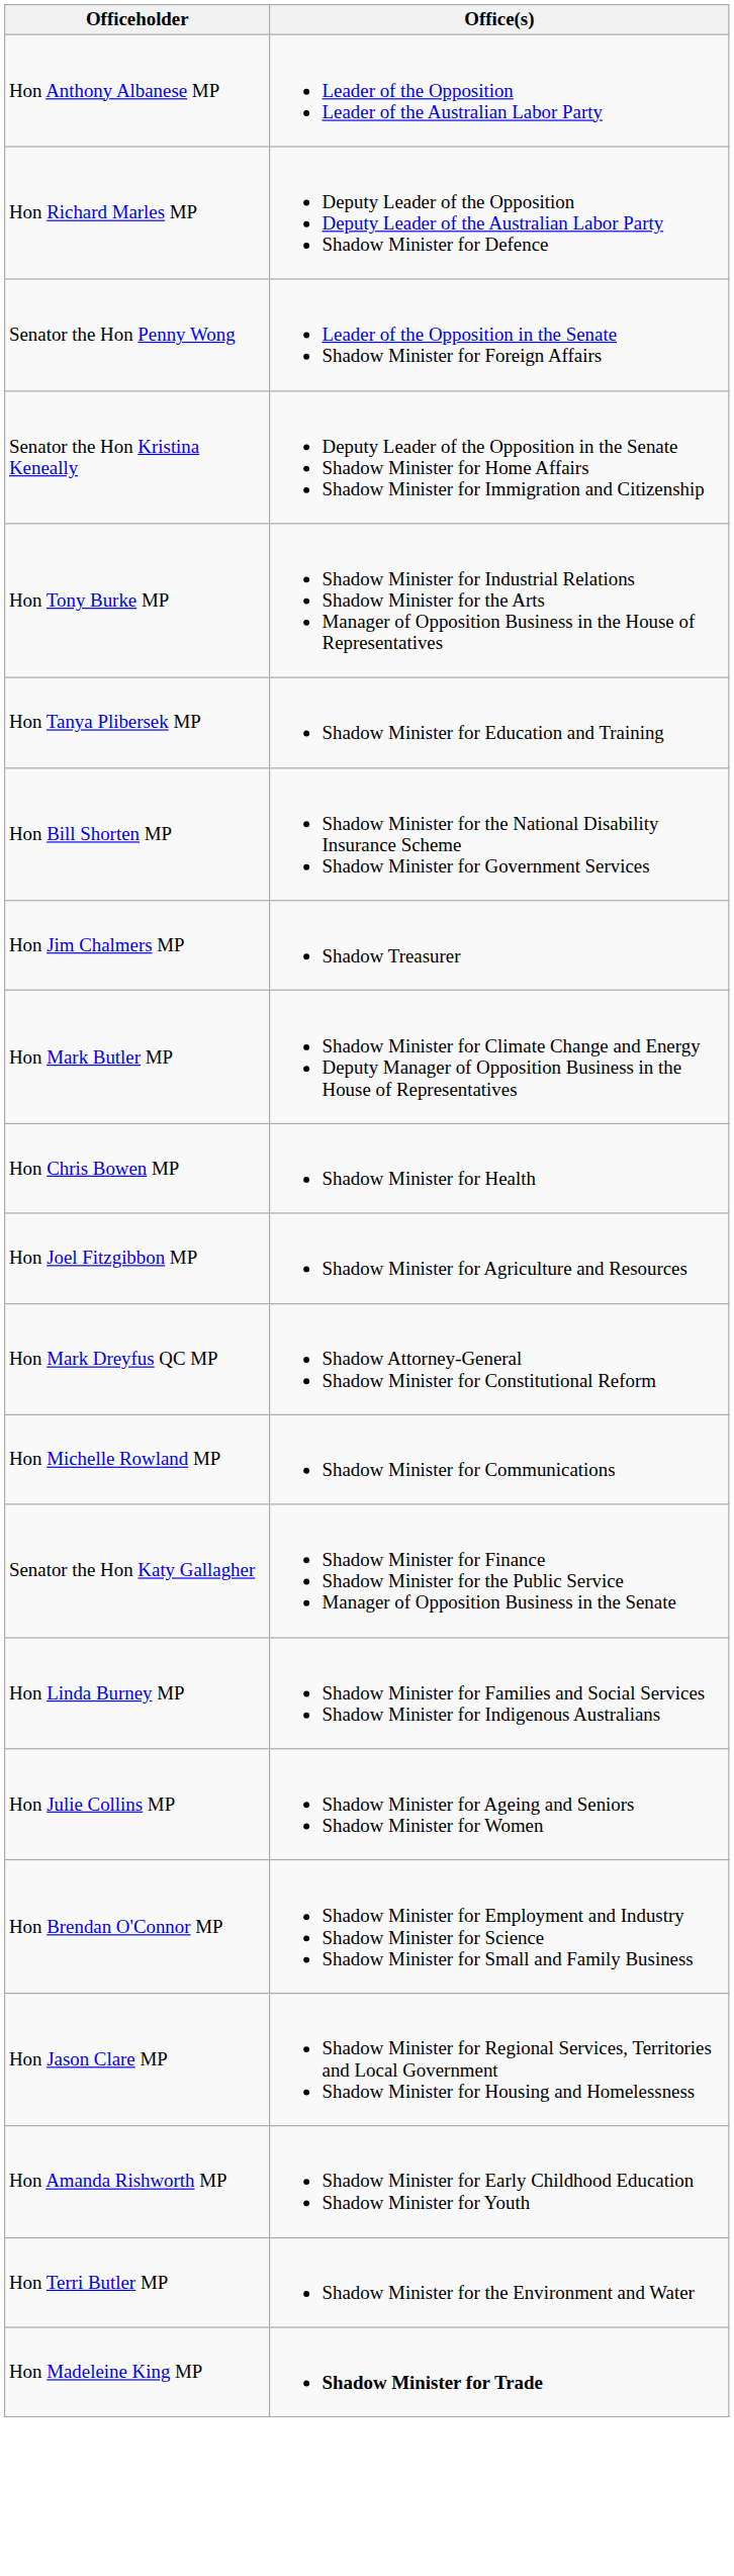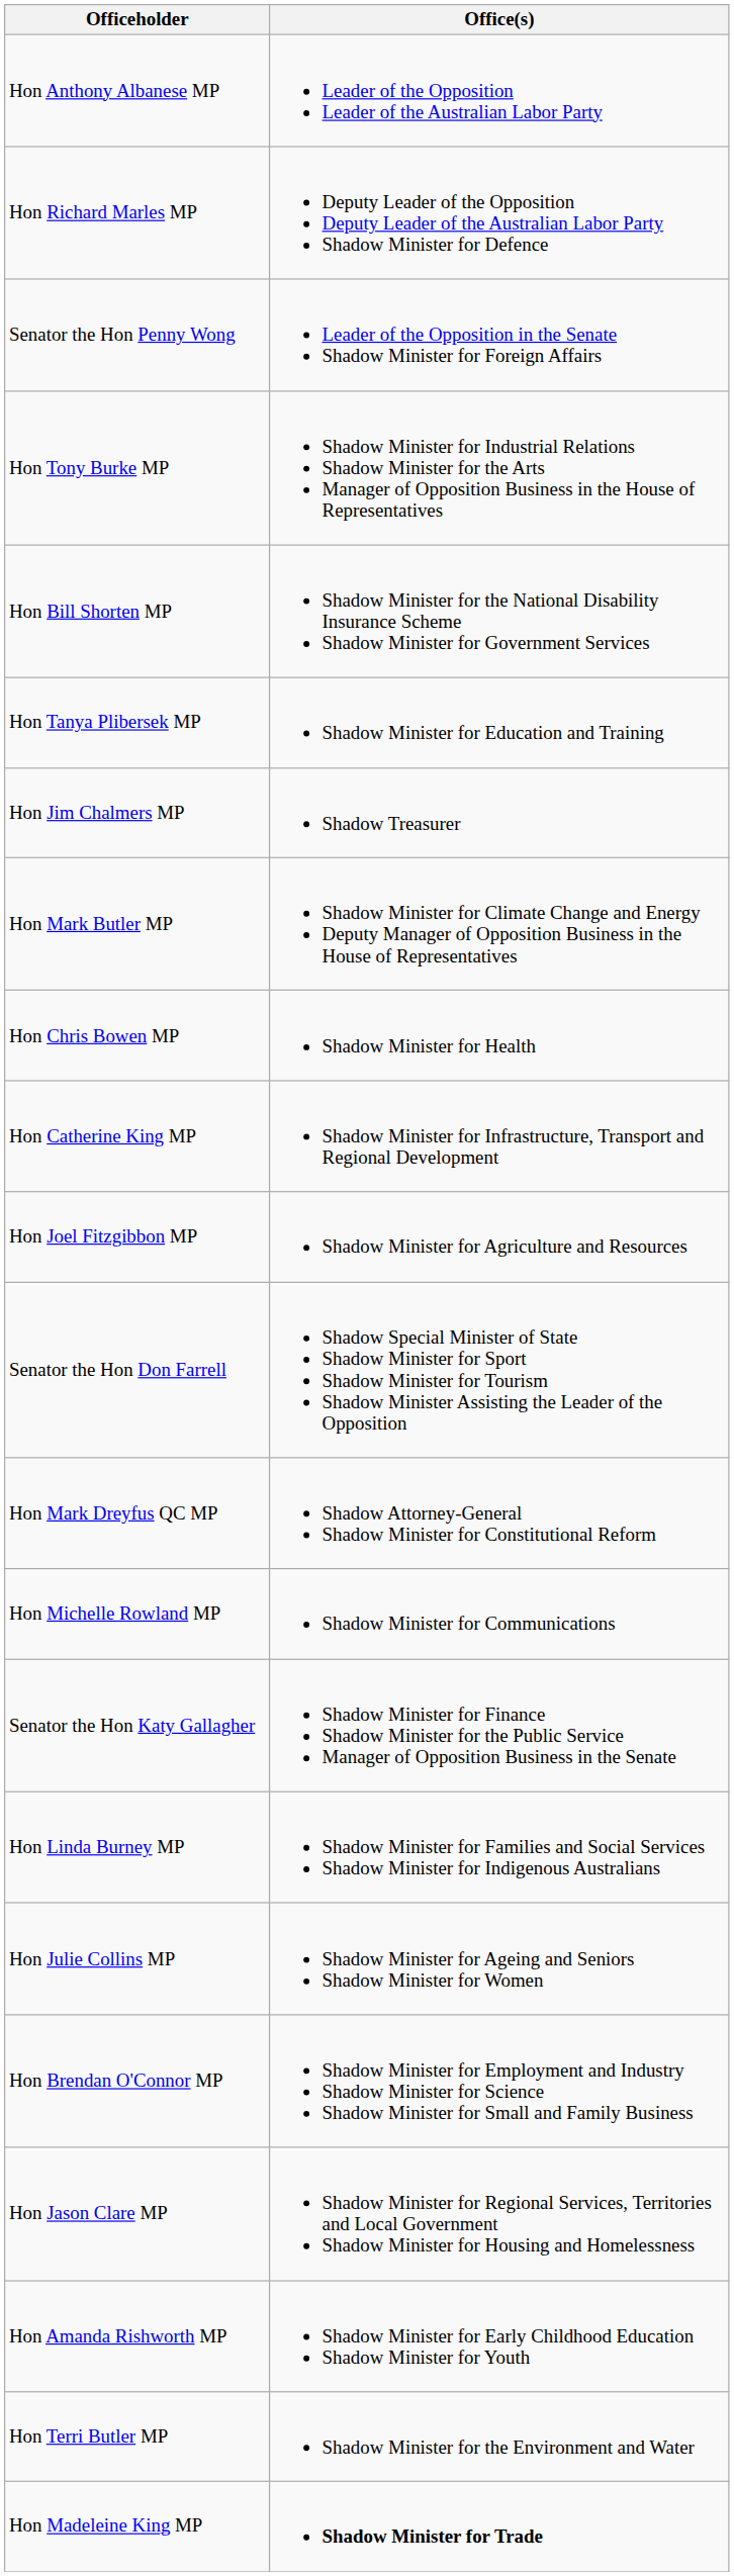 <table class="wikitable">
 <tr>
 <th style="width: 215px;">Officeholder</th>
 <th>Office(s)</th>
 </tr>
 <tr>
 <td>Hon <a href='#'>Anthony Albanese</a> MP</td>
 <td><br><ul><li><a href='#'>Leader of the Opposition</a></li><li><a href='#'>Leader of the Australian Labor Party</a></li></ul></td>
 </tr>
 <tr>
 <td>Hon <a href='#'>Richard Marles</a> MP</td>
 <td><br><ul><li>Deputy Leader of the Opposition</li><li><a href='#'>Deputy Leader of the Australian Labor Party</a></li><li>Shadow Minister for Defence</li></ul></td>
 </tr>
 <tr>
 <td>Senator the Hon <a href='#'>Penny Wong</a></td>
 <td><br><ul><li><a href='#'>Leader of the Opposition in the Senate</a></li><li>Shadow Minister for Foreign Affairs</li></ul></td>
 </tr>
 <tr>
-<td>Senator the Hon <a href='#'>Kristina Keneally</a></td>
-<td><br><ul><li>Deputy Leader of the Opposition in the Senate</li><li>Shadow Minister for Home Affairs</li><li>Shadow Minister for Immigration and Citizenship</li></ul></td>
-</tr>
-<tr>
 <td>Hon <a href='#'>Tony Burke</a> MP</td>
 <td><br><ul><li>Shadow Minister for Industrial Relations</li><li>Shadow Minister for the Arts</li><li>Manager of Opposition Business in the House of Representatives</li></ul></td>
 </tr>
 <tr>
+<td>Hon <a href='#'>Bill Shorten</a> MP</td>
+<td><br><ul><li>Shadow Minister for the National Disability Insurance Scheme</li><li>Shadow Minister for Government Services</li></ul></td>
+</tr>
+<tr>
 <td>Hon <a href='#'>Tanya Plibersek</a> MP</td>
 <td><br><ul><li>Shadow Minister for Education and Training</li></ul></td>
-</tr>
-<tr>
-<td>Hon <a href='#'>Bill Shorten</a> MP</td>
-<td><br><ul><li>Shadow Minister for the National Disability Insurance Scheme</li><li>Shadow Minister for Government Services</li></ul></td>
 </tr>
 <tr>
 <td>Hon <a href='#'>Jim Chalmers</a> MP</td>
 <td><br><ul><li>Shadow Treasurer</li></ul></td>
 </tr>
 <tr>
 <td>Hon <a href='#'>Mark Butler</a> MP</td>
 <td><br><ul><li>Shadow Minister for Climate Change and Energy</li><li>Deputy Manager of Opposition Business in the House of Representatives</li></ul></td>
 </tr>
 <tr>
 <td>Hon <a href='#'>Chris Bowen</a> MP</td>
 <td><br><ul><li>Shadow Minister for Health</li></ul></td>
 </tr>
 <tr>
+<td>Hon <a href='#'>Catherine King</a> MP</td>
+<td><br><ul><li>Shadow Minister for Infrastructure, Transport and Regional Development</li></ul></td>
+</tr>
+<tr>
 <td>Hon <a href='#'>Joel Fitzgibbon</a> MP</td>
 <td><br><ul><li>Shadow Minister for Agriculture and Resources</li></ul></td>
+</tr>
+<tr>
+<td>Senator the Hon <a href='#'>Don Farrell</a></td>
+<td><br><ul><li>Shadow Special Minister of State</li><li>Shadow Minister for Sport</li><li>Shadow Minister for Tourism</li><li>Shadow Minister Assisting the Leader of the Opposition</li></ul></td>
 </tr>
 <tr>
 <td>Hon <a href='#'>Mark Dreyfus</a> QC MP</td>
 <td><br><ul><li>Shadow Attorney-General</li><li>Shadow Minister for Constitutional Reform</li></ul></td>
 </tr>
 <tr>
 <td>Hon <a href='#'>Michelle Rowland</a> MP</td>
 <td><br><ul><li>Shadow Minister for Communications</li></ul></td>
 </tr>
 <tr>
 <td>Senator the Hon <a href='#'>Katy Gallagher</a></td>
 <td><br><ul><li>Shadow Minister for Finance</li><li>Shadow Minister for the Public Service</li><li>Manager of Opposition Business in the Senate</li></ul></td>
 </tr>
 <tr>
 <td>Hon <a href='#'>Linda Burney</a> MP</td>
 <td><br><ul><li>Shadow Minister for Families and Social Services</li><li>Shadow Minister for Indigenous Australians</li></ul></td>
 </tr>
 <tr>
 <td>Hon <a href='#'>Julie Collins</a> MP</td>
 <td><br><ul><li>Shadow Minister for Ageing and Seniors</li><li>Shadow Minister for Women</li></ul></td>
 </tr>
 <tr>
 <td>Hon <a href='#'>Brendan O'Connor</a> MP</td>
 <td><br><ul><li>Shadow Minister for Employment and Industry</li><li>Shadow Minister for Science</li><li>Shadow Minister for Small and Family Business</li></ul></td>
 </tr>
 <tr>
 <td>Hon <a href='#'>Jason Clare</a> MP</td>
 <td><br><ul><li>Shadow Minister for Regional Services, Territories and Local Government</li><li>Shadow Minister for Housing and Homelessness</li></ul></td>
 </tr>
 <tr>
 <td>Hon <a href='#'>Amanda Rishworth</a> MP</td>
 <td><br><ul><li>Shadow Minister for Early Childhood Education</li><li>Shadow Minister for Youth</li></ul></td>
 </tr>
 <tr>
 <td>Hon <a href='#'>Terri Butler</a> MP</td>
 <td><br><ul><li>Shadow Minister for the Environment and Water</li></ul></td>
 </tr>
 <tr>
 <td>Hon <a href='#'>Madeleine King</a> MP</td>
 <td><strong><br><ul><li>Shadow Minister for Trade</li></ul></strong></td>
 </tr>
 </table>
